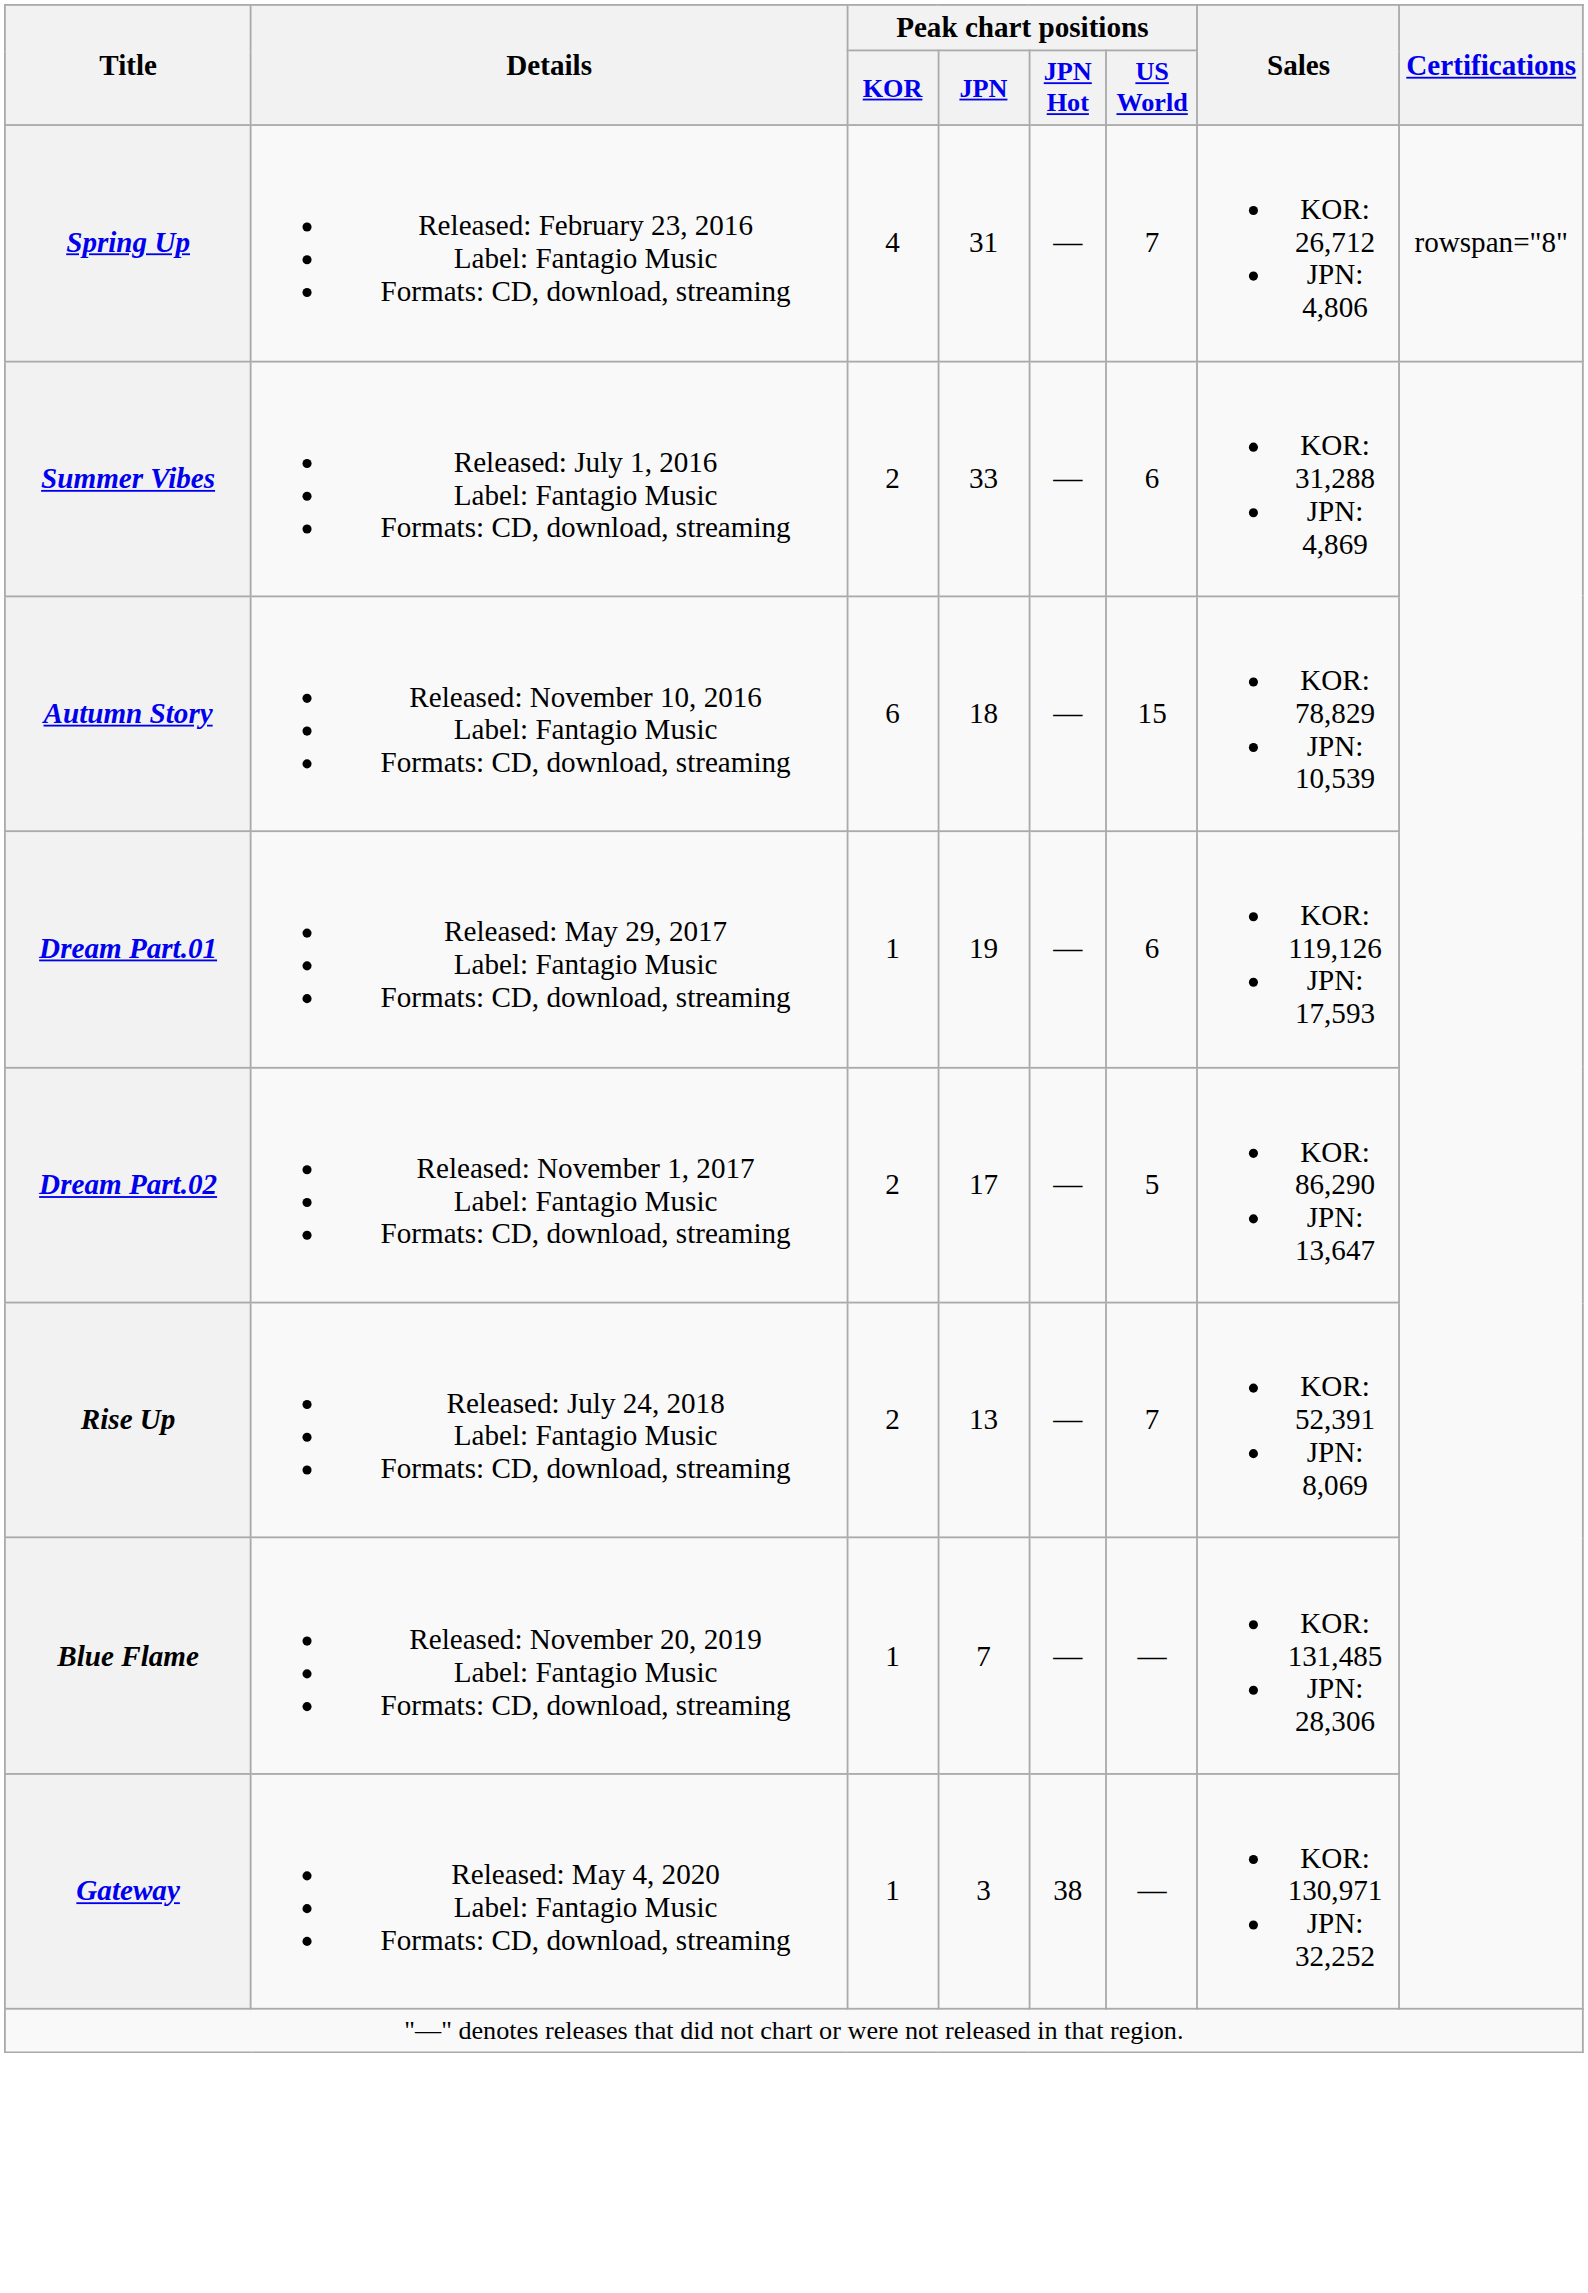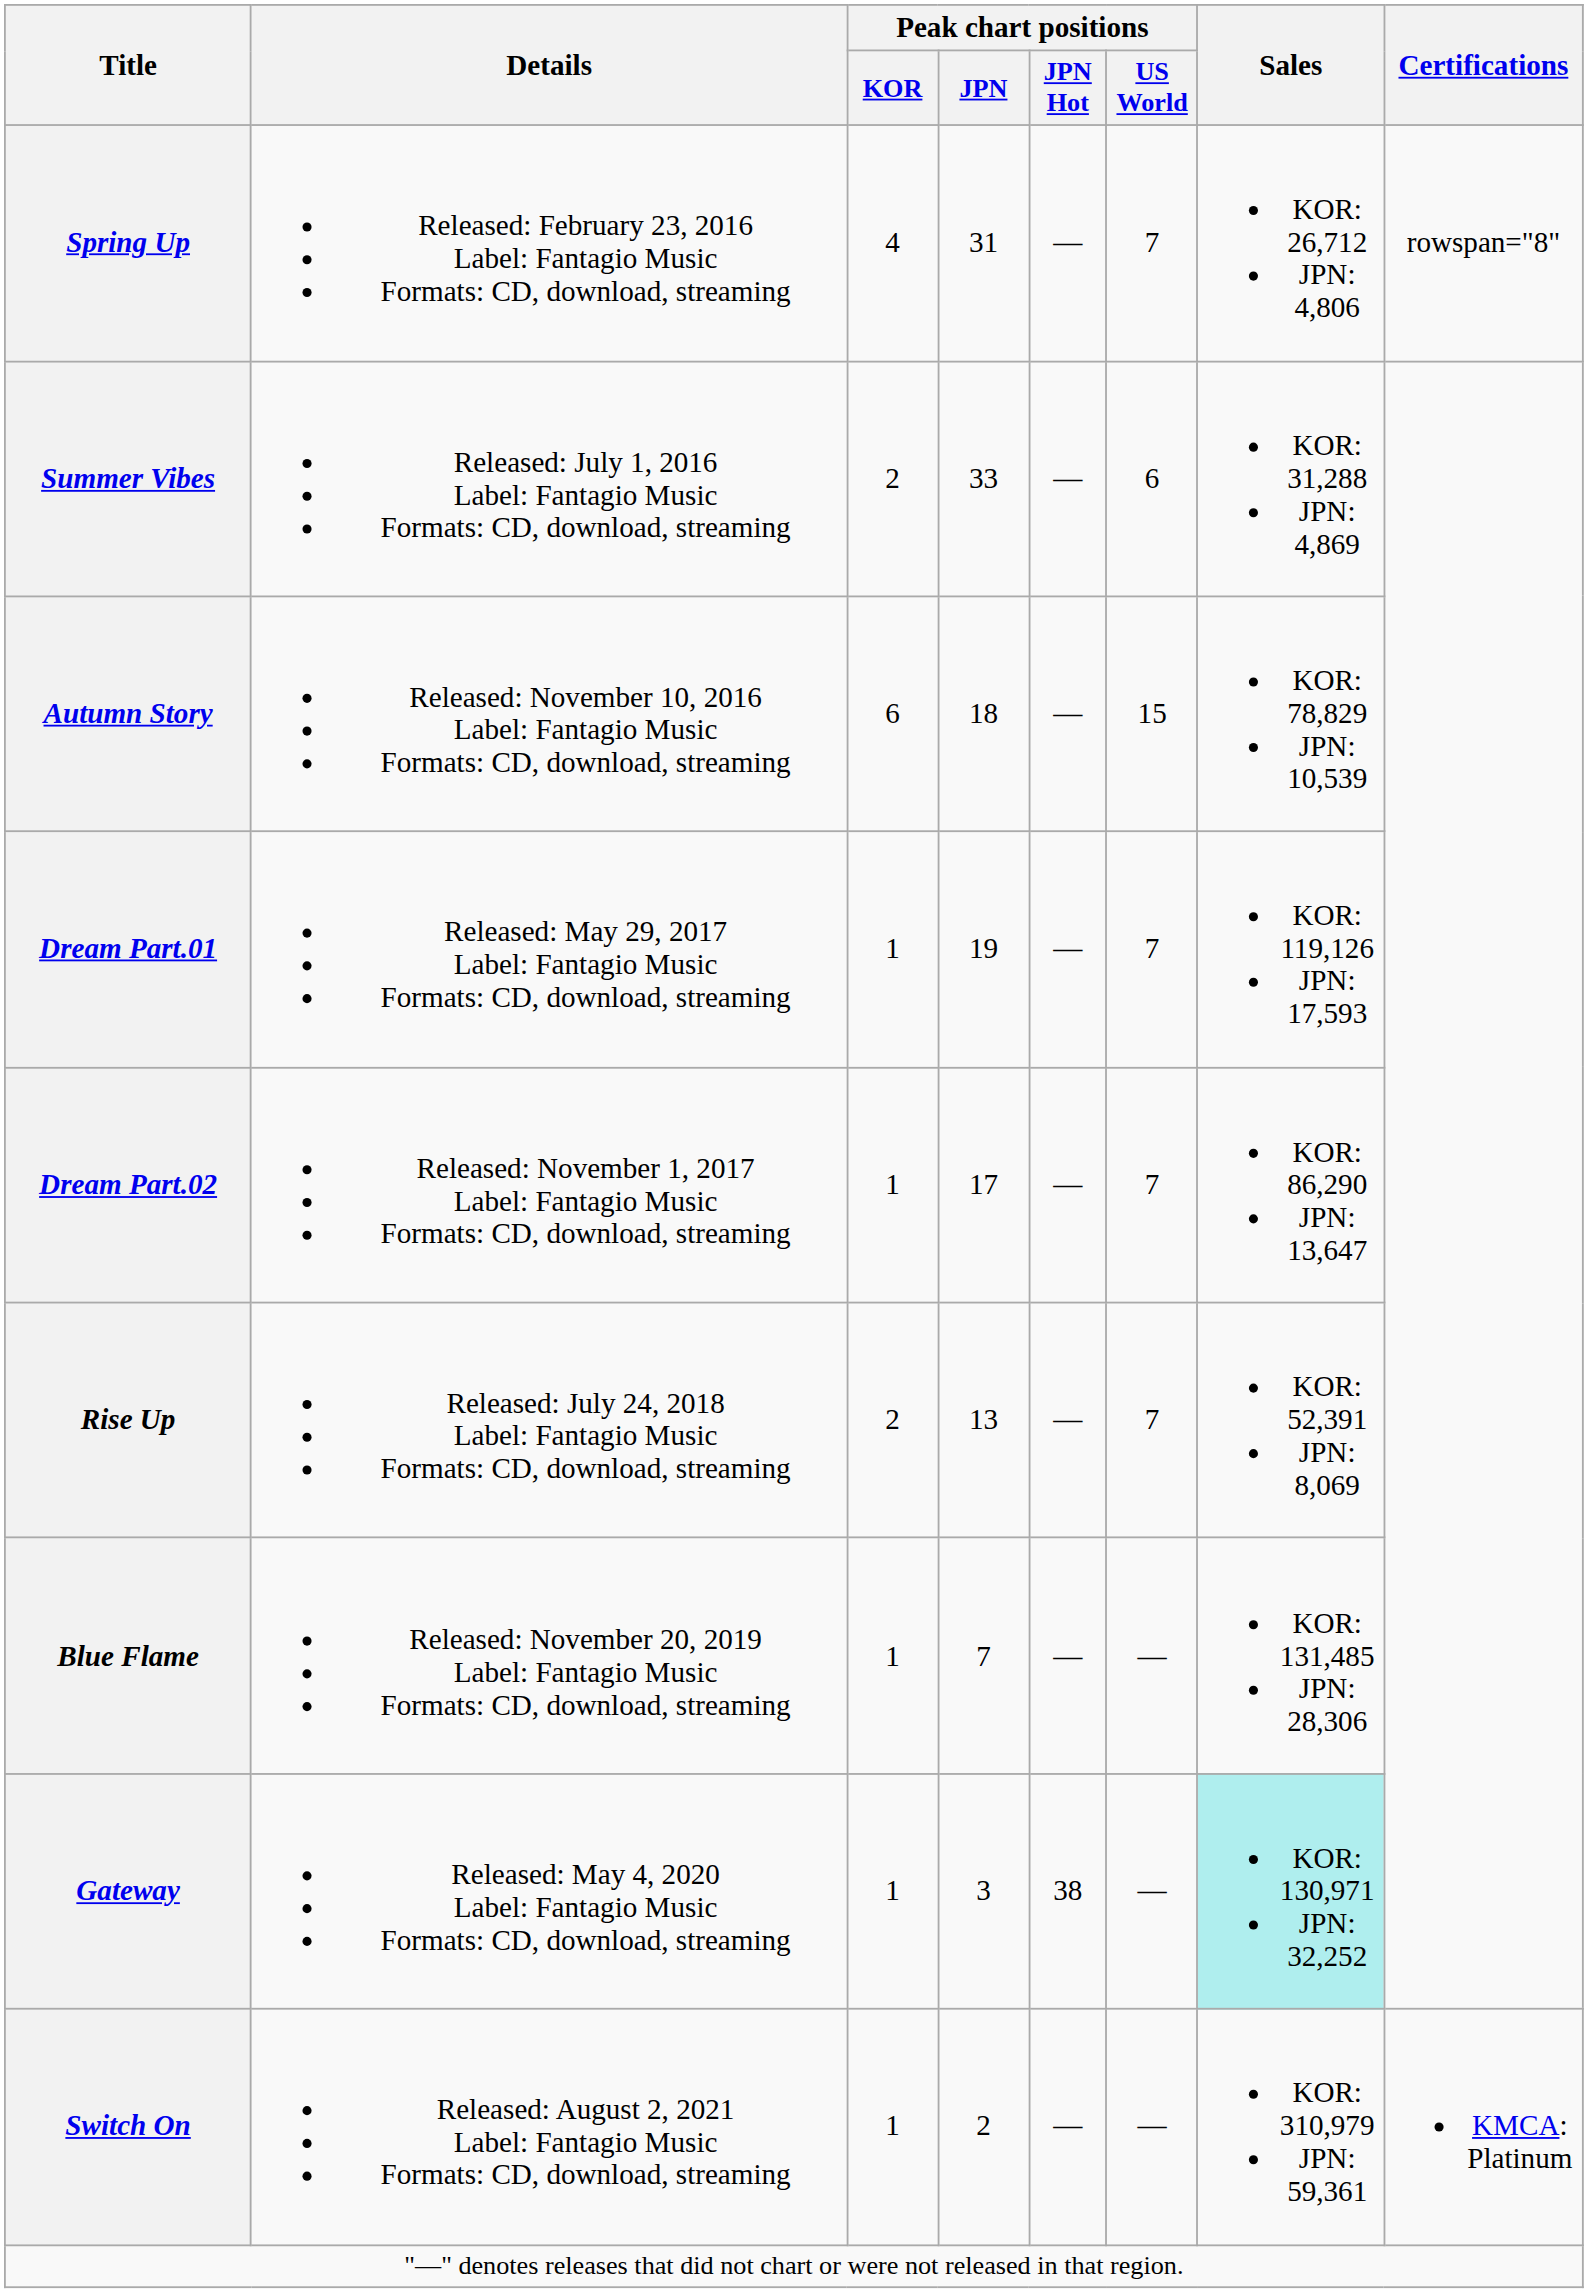 <table class="wikitable plainrowheaders" style="text-align:center">
 <tr>
 <th scope="col" rowspan="2" style="width:8em">Title</th>
 <th scope="col" rowspan="2" style="width:20em">Details</th>
 <th scope="col" colspan="4">Peak chart positions</th>
 <th scope="col" rowspan="2">Sales</th>
 <th scope="col" rowspan="2"><a href='#'>Certifications</a></th>
 </tr>
 <tr>
 <th scope="col" style="width:3em;font-size:90%"><a href='#'>KOR</a><br></th>
 <th scope="col" style="width:3em;font-size:90%"><a href='#'>JPN</a><br></th>
 <th scope="col" style="font-size:90%; width:2.5em"><a href='#'>JPN<br>Hot</a><br></th>
 <th scope="col" style="width:3em; font-size:90%"><a href='#'>US<br>World</a><br></th>
 </tr>
 <tr>
 <th scope="row"><em><a href='#'>Spring Up</a></em></th>
 <td><br><ul><li>Released: February 23, 2016</li><li>Label: Fantagio Music</li><li>Formats: CD, download, streaming</li></ul></td>
 <td>4</td>
 <td>31</td>
 <td>—</td>
 <td>7</td>
 <td><br><ul><li>KOR: 26,712</li><li>JPN: 4,806</li></ul></td>
 <td>rowspan="8" </td>
 </tr>
 <tr>
 <th scope="row"><em><a href='#'>Summer Vibes</a></em></th>
 <td><br><ul><li>Released: July 1, 2016</li><li>Label: Fantagio Music</li><li>Formats: CD, download, streaming</li></ul></td>
 <td>2</td>
 <td>33</td>
 <td>—</td>
 <td>6</td>
 <td><br><ul><li>KOR: 31,288</li><li>JPN: 4,869</li></ul></td>
 </tr>
 <tr>
 <th scope="row"><em><a href='#'>Autumn Story</a></em></th>
 <td><br><ul><li>Released: November 10, 2016</li><li>Label: Fantagio Music</li><li>Formats: CD, download, streaming</li></ul></td>
 <td>6</td>
 <td>18</td>
 <td>—</td>
 <td>15</td>
 <td><br><ul><li>KOR: 78,829</li><li>JPN: 10,539</li></ul></td>
 </tr>
 <tr>
 <th scope="row"><em><a href='#'>Dream Part.01</a></em></th>
 <td><br><ul><li>Released: May 29, 2017</li><li>Label: Fantagio Music</li><li>Formats: CD, download, streaming</li></ul></td>
 <td>1</td>
 <td>19</td>
 <td>—</td>
-<td>6</td>
+<td>7</td>
 <td><br><ul><li>KOR: 119,126</li><li>JPN: 17,593</li></ul></td>
 </tr>
 <tr>
 <th scope="row"><em><a href='#'>Dream Part.02</a></em></th>
 <td><br><ul><li>Released: November 1, 2017</li><li>Label: Fantagio Music</li><li>Formats: CD, download, streaming</li></ul></td>
-<td>2</td>
+<td>1</td>
 <td>17</td>
 <td>—</td>
-<td>5</td>
+<td>7</td>
 <td><br><ul><li>KOR: 86,290</li><li>JPN: 13,647</li></ul></td>
 </tr>
 <tr>
 <th scope="row"><em>Rise Up</em></th>
 <td><br><ul><li>Released: July 24, 2018</li><li>Label: Fantagio Music</li><li>Formats: CD, download, streaming</li></ul></td>
 <td>2</td>
 <td>13</td>
 <td>—</td>
 <td>7</td>
 <td><br><ul><li>KOR: 52,391</li><li>JPN: 8,069</li></ul></td>
 </tr>
 <tr>
 <th scope="row"><em>Blue Flame</em></th>
 <td><br><ul><li>Released: November 20, 2019</li><li>Label: Fantagio Music</li><li>Formats: CD, download, streaming</li></ul></td>
 <td>1</td>
 <td>7</td>
 <td>—</td>
 <td>—</td>
 <td><br><ul><li>KOR: 131,485</li><li>JPN: 28,306 </li></ul></td>
 </tr>
 <tr>
 <th scope="row"><em><a href='#'>Gateway</a></em></th>
 <td><br><ul><li>Released: May 4, 2020</li><li>Label: Fantagio Music</li><li>Formats: CD, download, streaming</li></ul></td>
 <td>1</td>
 <td>3</td>
 <td>38</td>
 <td>—</td>
-<td><br><ul><li>KOR: 130,971</li><li>JPN: 32,252 </li></ul></td>
+<td style="background: paleturquoise;"><br><ul><li>KOR: 130,971</li><li>JPN: 32,252 </li></ul></td>
+</tr>
+<tr>
+<th scope="row"><em><a href='#'>Switch On</a></em></th>
+<td><br><ul><li>Released: August 2, 2021</li><li>Label: Fantagio Music</li><li>Formats: CD, download, streaming</li></ul></td>
+<td>1</td>
+<td>2</td>
+<td>—</td>
+<td>—</td>
+<td><br><ul><li>KOR: 310,979</li><li>JPN: 59,361 </li></ul></td>
+<td><br><ul><li><a href='#'>KMCA</a>: Platinum</li></ul></td>
 </tr>
 <tr>
 <td style="font-size:90%" colspan="8">"—" denotes releases that did not chart or were not released in that region.</td>
 </tr>
 </table>
